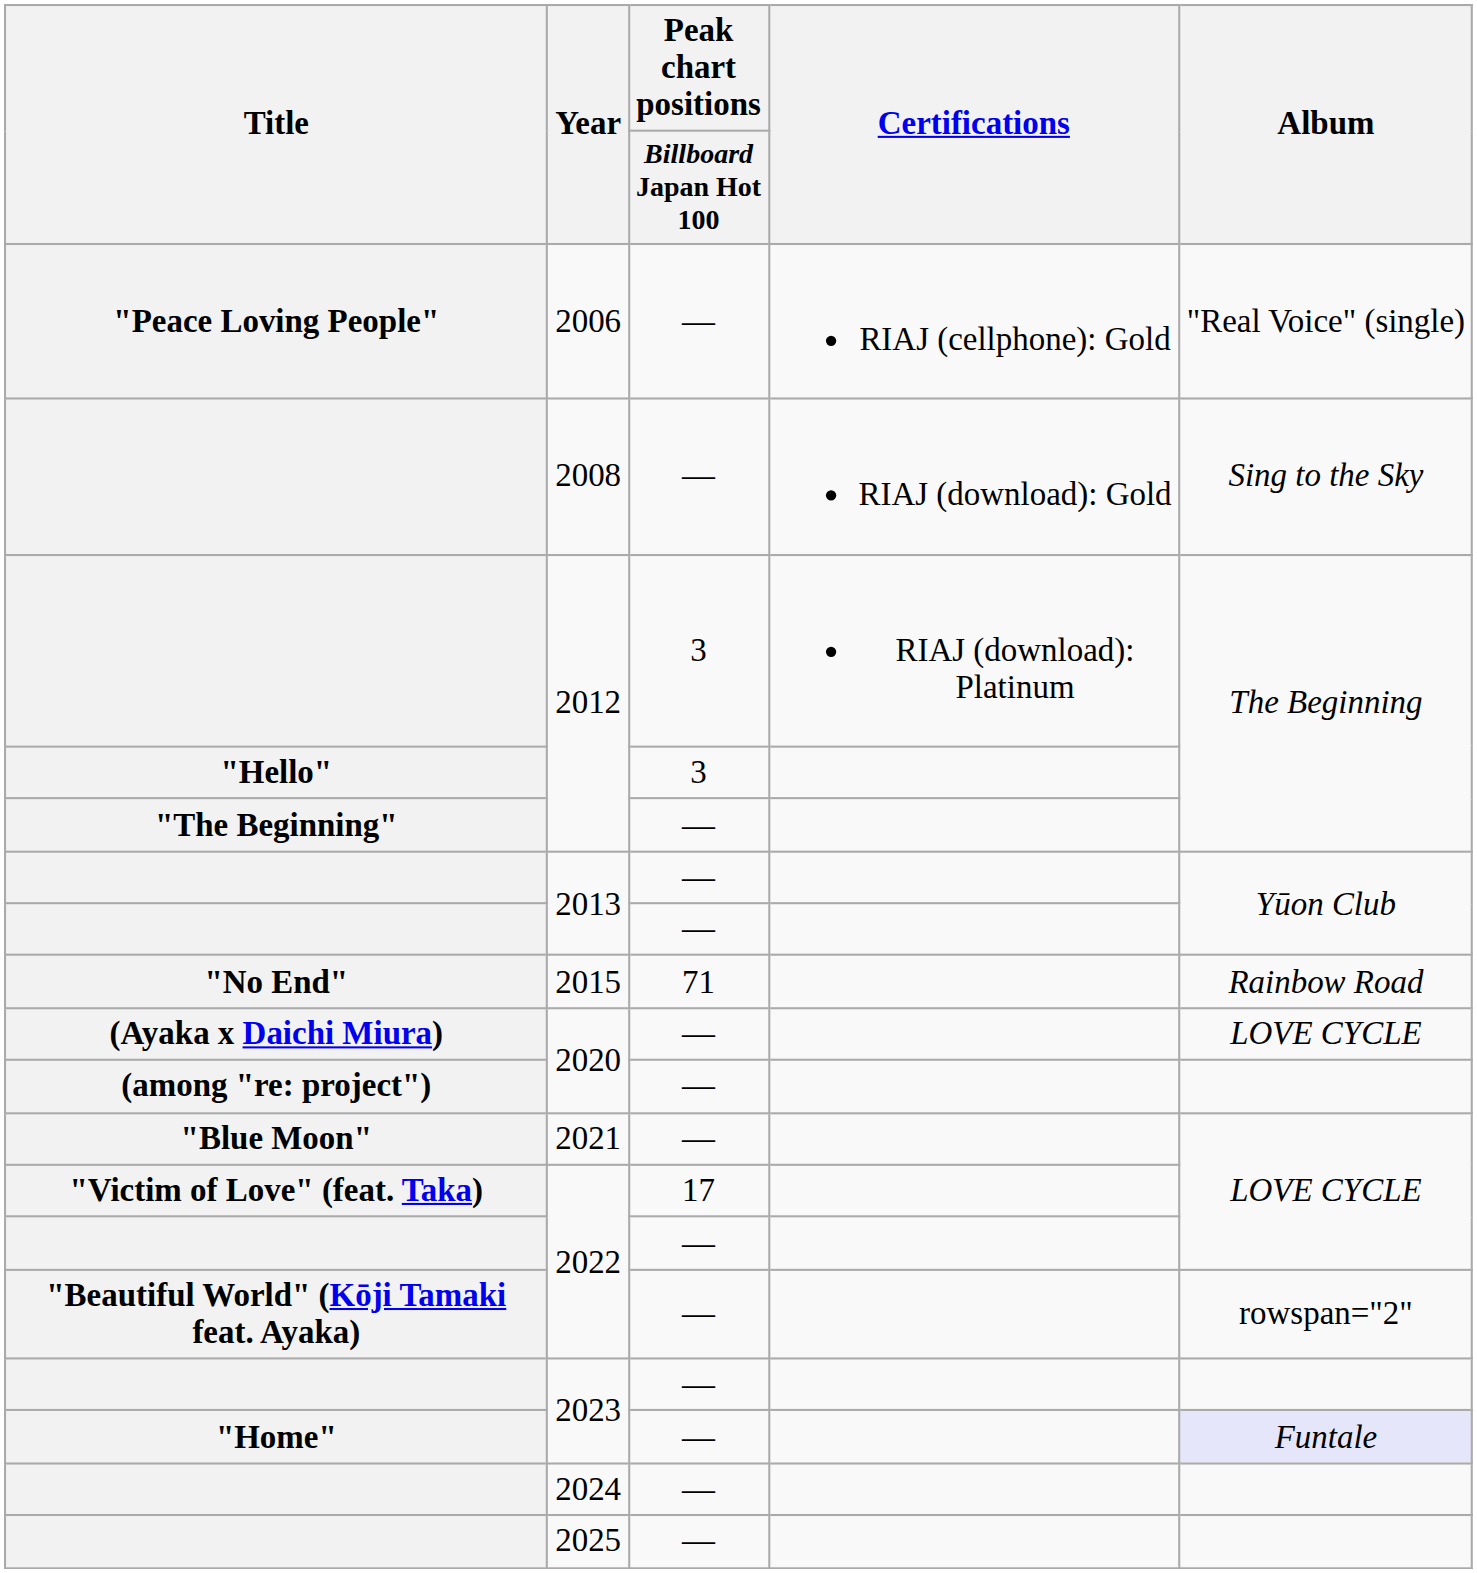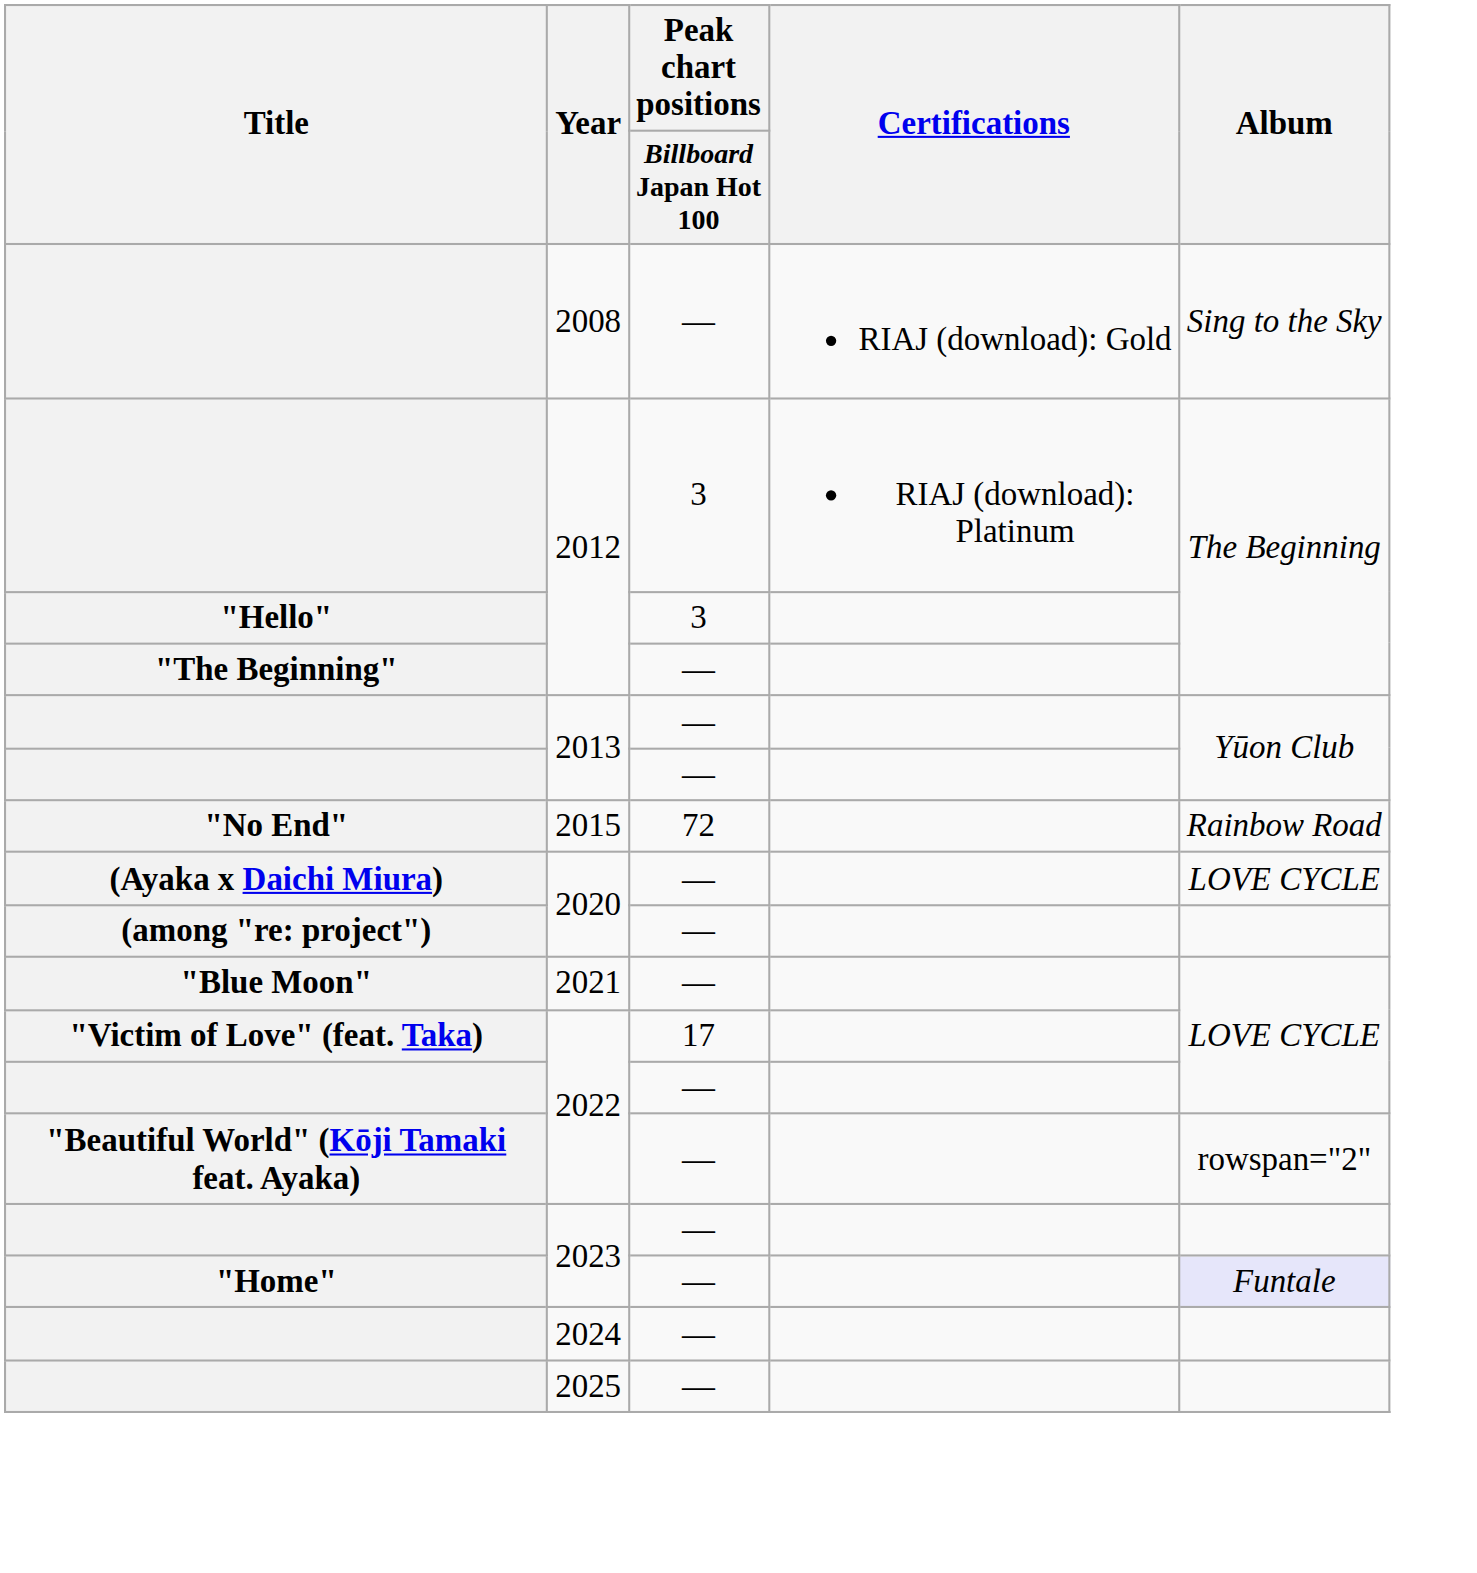 <table class="wikitable plainrowheaders" style="text-align:center;">
 <tr>
 <th scope="col" rowspan="2" style="width:16em;">Title</th>
 <th scope="col" rowspan="2">Year</th>
 <th scope="col" colspan="1">Peak chart positions</th>
 <th scope="col" rowspan="2" style="width:12em;"><a href='#'>Certifications</a></th>
 <th scope="col" rowspan="2">Album</th>
 </tr>
 <tr>
 <th style="width:3em;font-size:85%"><em>Billboard</em> Japan Hot 100<br></th>
-</tr>
-<tr>
-<th scope="row">"Peace Loving People"</th>
-<td>2006</td>
-<td>—</td>
-<td><br><ul><li>RIAJ <span>(cellphone)</span>: Gold</li></ul></td>
-<td>"Real Voice" <span>(single)</span></td>
 </tr>
 <tr>
 <th scope="row"></th>
 <td>2008</td>
 <td>—</td>
 <td><br><ul><li>RIAJ <span>(download)</span>: Gold</li></ul></td>
 <td rowspan=1><em>Sing to the Sky</em></td>
 </tr>
 <tr>
 <th scope="row"></th>
 <td rowspan="3">2012</td>
 <td>3</td>
 <td><br><ul><li>RIAJ <span>(download)</span>: Platinum</li></ul></td>
 <td rowspan=3><em>The Beginning</em></td>
 </tr>
 <tr>
 <th scope="row">"Hello"</th>
 <td>3</td>
 <td></td>
 </tr>
 <tr>
 <th scope="row">"The Beginning"</th>
 <td>—</td>
 <td></td>
 </tr>
 <tr>
 <th scope="row"></th>
 <td rowspan="2">2013</td>
 <td>—</td>
 <td></td>
 <td rowspan=2><em>Yūon Club</em></td>
 </tr>
 <tr>
 <th scope="row"></th>
 <td>—</td>
 <td></td>
 </tr>
 <tr>
 <th scope="row">"No End"</th>
 <td rowspan="1">2015</td>
-<td>71</td>
+<td>72</td>
 <td></td>
 <td><em>Rainbow Road</em></td>
 </tr>
 <tr>
 <th scope="row"> <span>(Ayaka x <a href='#'>Daichi Miura</a>)</span></th>
 <td rowspan="2">2020</td>
 <td>—</td>
 <td></td>
 <td><em>LOVE CYCLE</em></td>
 </tr>
 <tr>
 <th scope="row"> <span>(among "re: project")</span></th>
 <td>—</td>
 <td></td>
 <td></td>
 </tr>
 <tr>
 <th scope="row">"Blue Moon"</th>
 <td rowspan="1">2021</td>
 <td>—</td>
 <td></td>
 <td rowspan="3"><em>LOVE CYCLE</em></td>
 </tr>
 <tr>
 <th scope="row">"Victim of Love" <span>(feat. <a href='#'>Taka</a>)</span></th>
 <td rowspan="3">2022</td>
 <td>17</td>
 <td></td>
 </tr>
 <tr>
 <th scope="row"></th>
 <td>—</td>
 <td></td>
 </tr>
 <tr>
 <th scope="row">"Beautiful World" <span>(<a href='#'>Kōji Tamaki</a> feat. Ayaka)</span></th>
 <td>—</td>
 <td></td>
 <td>rowspan="2" </td>
 </tr>
 <tr>
 <th scope="row"></th>
 <td rowspan="2">2023</td>
 <td>—</td>
 <td></td>
 </tr>
 <tr>
 <th scope="row">"Home"</th>
 <td>—</td>
 <td></td>
 <td style="background: lavender;"><em>Funtale</em></td>
 </tr>
 <tr>
 <th scope="row"></th>
 <td>2024</td>
 <td>—</td>
 <td></td>
 <td></td>
 </tr>
 <tr>
 <th scope="row"></th>
 <td>2025</td>
 <td>—</td>
 <td></td>
 <td></td>
 </tr>
 <tr>
 </tr>
 </table>
